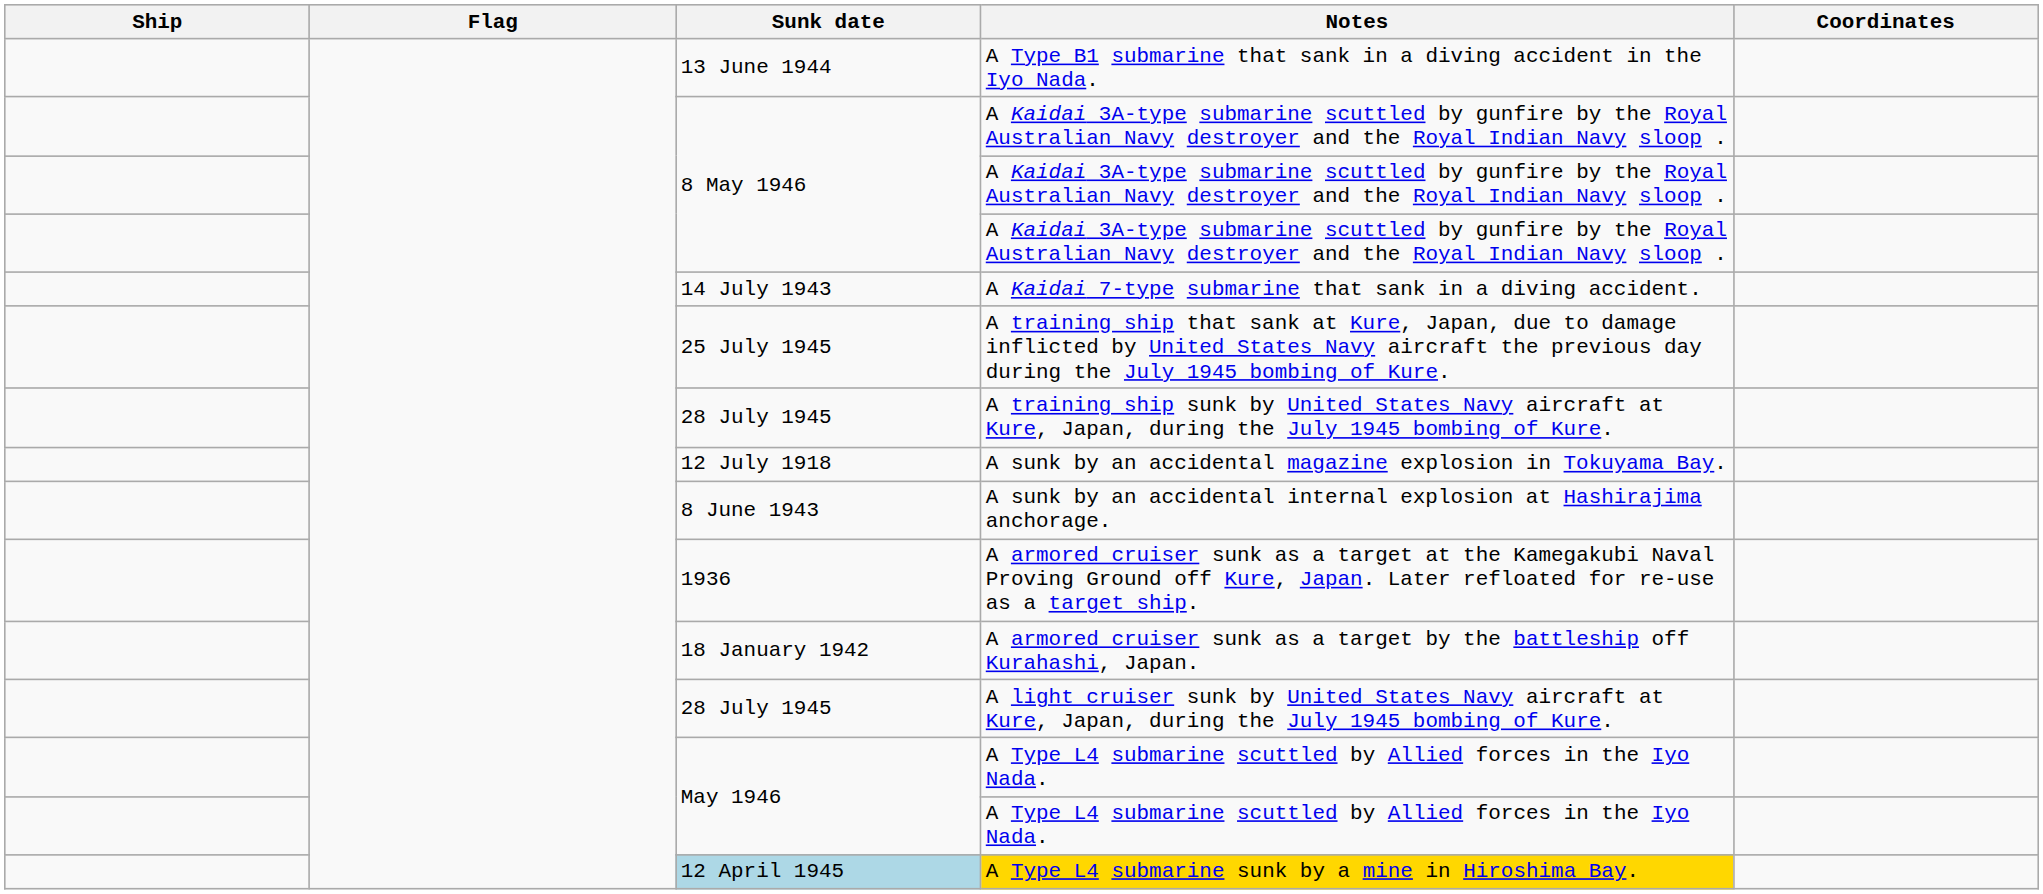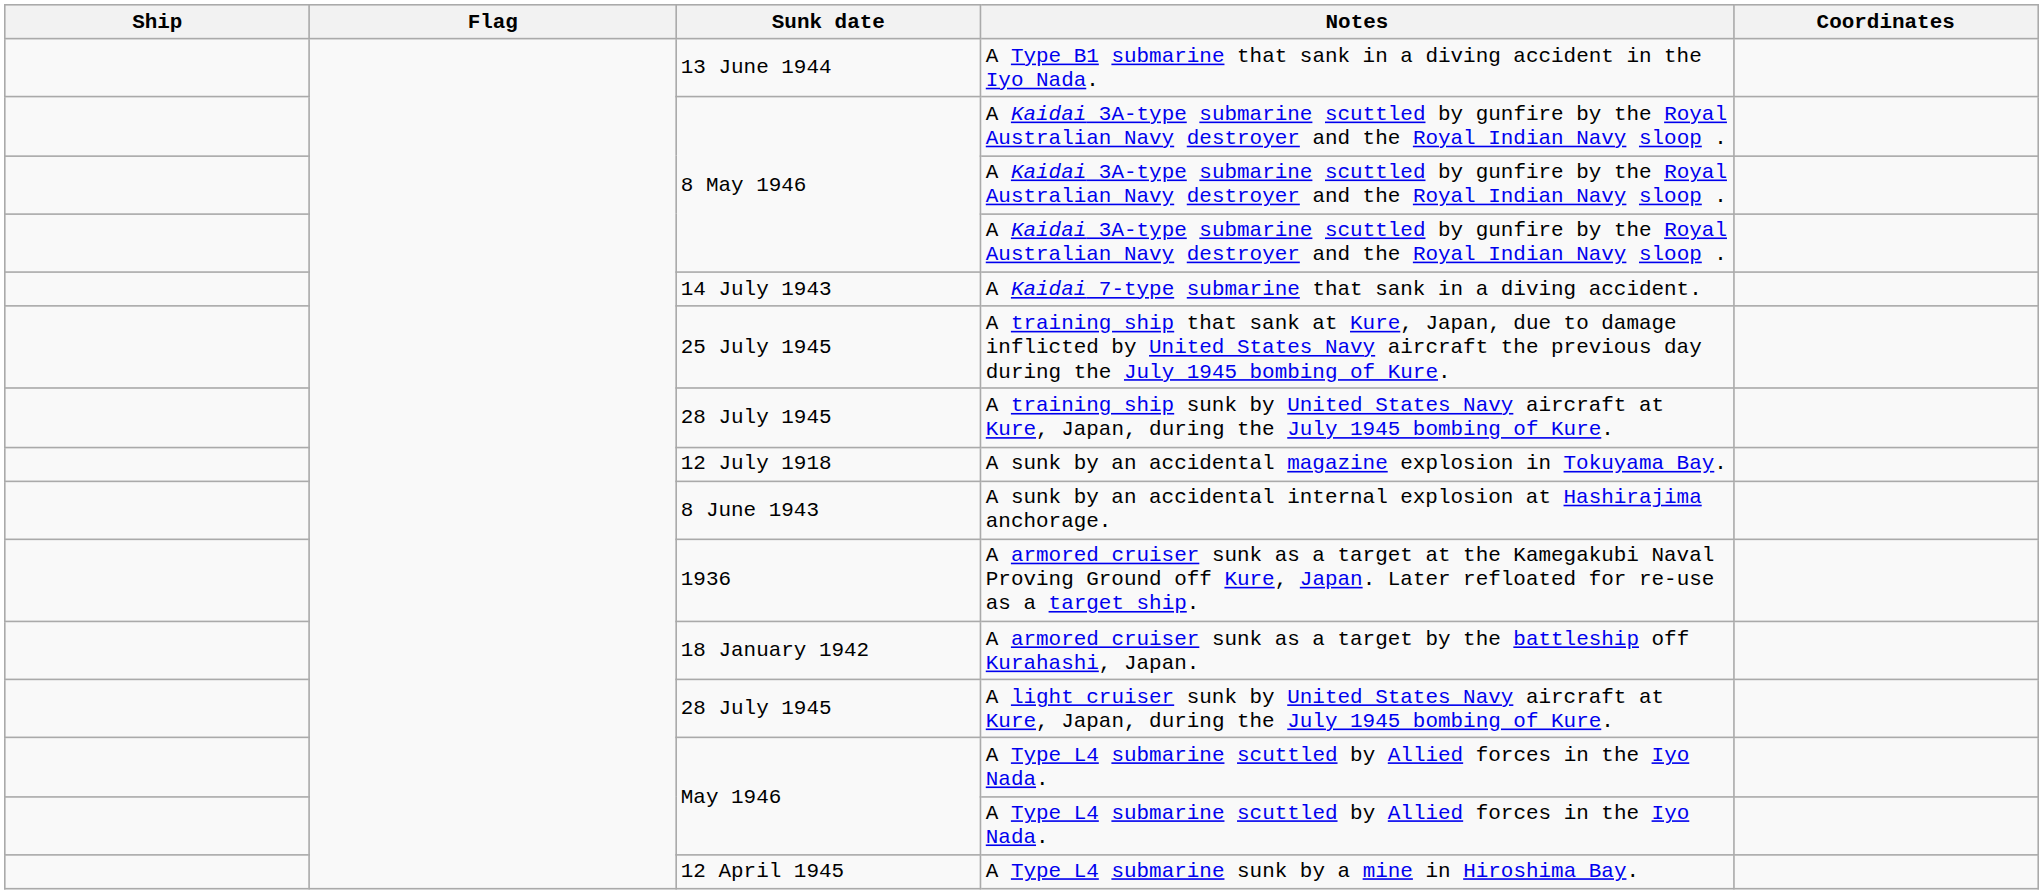 <table class="wikitable sortable" style="width:100%" |>
 <tr>
 <th width="15%">Ship</th>
 <th width="18%">Flag</th>
 <th width="15%" align="right">Sunk date</th>
 <th width="37%">Notes</th>
 <th width="15%">Coordinates</th>
 </tr>
 <tr>
 <td scope="row" data-sort-value="I-33"></td>
 <td rowspan="15"></td>
 <td>13 June 1944</td>
 <td>A <a href='#'>Type B1</a> <a href='#'>submarine</a> that sank in a diving accident in the <a href='#'>Iyo Nada</a>.</td>
 <td></td>
 </tr>
 <tr>
 <td scope="row" data-sort-value="I-153"></td>
 <td rowspan="3">8 May 1946</td>
 <td>A <a href='#'><em>Kaidai</em> 3A-type</a> <a href='#'>submarine</a> <a href='#'>scuttled</a> by gunfire by the <a href='#'>Royal Australian Navy</a> <a href='#'>destroyer</a>  and the <a href='#'>Royal Indian Navy</a> <a href='#'>sloop</a> .</td>
 <td></td>
 </tr>
 <tr>
 <td scope="row" data-sort-value="I-154"></td>
 <td>A <a href='#'><em>Kaidai</em> 3A-type</a> <a href='#'>submarine</a> <a href='#'>scuttled</a> by gunfire by the <a href='#'>Royal Australian Navy</a> <a href='#'>destroyer</a>  and the <a href='#'>Royal Indian Navy</a> <a href='#'>sloop</a> .</td>
 <td></td>
 </tr>
 <tr>
 <td scope="row" data-sort-value="I-155"></td>
 <td>A <a href='#'><em>Kaidai</em> 3A-type</a> <a href='#'>submarine</a> <a href='#'>scuttled</a> by gunfire by the <a href='#'>Royal Australian Navy</a> <a href='#'>destroyer</a>  and the <a href='#'>Royal Indian Navy</a> <a href='#'>sloop</a> .</td>
 <td></td>
 </tr>
 <tr>
 <td scope="row" data-sort-value="I-179"></td>
 <td>14 July 1943</td>
 <td>A <a href='#'><em>Kaidai</em> 7-type</a> <a href='#'>submarine</a> that sank in a diving accident.</td>
 <td></td>
 </tr>
 <tr>
 <td scope="row" data-sort-value="Iwate"></td>
 <td>25 July 1945</td>
 <td>A <a href='#'>training ship</a> that sank at <a href='#'>Kure</a>, Japan, due to damage inflicted by <a href='#'>United States Navy</a> aircraft the  previous day during the <a href='#'>July 1945 bombing of Kure</a>.</td>
 <td></td>
 </tr>
 <tr>
 <td scope="row" data-sort-value="Izumo"></td>
 <td>28 July 1945</td>
 <td>A <a href='#'>training ship</a> sunk by <a href='#'>United States Navy</a> aircraft at <a href='#'>Kure</a>, Japan, during the <a href='#'>July 1945 bombing of Kure</a>.</td>
 <td></td>
 </tr>
 <tr>
 <td scope="row" data-sort-value="Kawachi"></td>
 <td>12 July 1918</td>
 <td>A  sunk by an accidental <a href='#'>magazine</a> explosion in <a href='#'>Tokuyama Bay</a>.</td>
 <td></td>
 </tr>
 <tr>
 <td scope="row" data-sort-value="Mutsu"></td>
 <td>8 June 1943</td>
 <td>A  sunk by an accidental internal explosion at <a href='#'>Hashirajima</a> anchorage.</td>
 <td></td>
 </tr>
 <tr>
 <td scope="row" data-sort-value="Nisshin"></td>
 <td>1936</td>
 <td>A  <a href='#'>armored cruiser</a> sunk as a target at the Kamegakubi Naval Proving Ground off <a href='#'>Kure</a>, <a href='#'>Japan</a>. Later refloated for re-use as a <a href='#'>target ship</a>.</td>
 <td></td>
 </tr>
 <tr>
 <td scope="row" data-sort-value="Nisshin"></td>
 <td>18 January 1942</td>
 <td>A  <a href='#'>armored cruiser</a> sunk as a target by the <a href='#'>battleship</a>  off <a href='#'>Kurahashi</a>, Japan.</td>
 <td></td>
 </tr>
 <tr>
 <td scope="row" data-sort-value="Ōyodo"></td>
 <td>28 July 1945</td>
 <td>A <a href='#'>light cruiser</a> sunk by <a href='#'>United States Navy</a> aircraft at <a href='#'>Kure</a>, Japan, during the <a href='#'>July 1945 bombing of Kure</a>.</td>
 <td></td>
 </tr>
 <tr>
 <td scope="row" data-sort-value="Ro-62"></td>
 <td rowspan="2">May 1946</td>
 <td>A <a href='#'>Type L4</a> <a href='#'>submarine</a> <a href='#'>scuttled</a> by <a href='#'>Allied</a> forces in the <a href='#'>Iyo Nada</a>.</td>
 <td></td>
 </tr>
 <tr>
 <td scope="row" data-sort-value="Ro-63"></td>
 <td>A <a href='#'>Type L4</a> <a href='#'>submarine</a> <a href='#'>scuttled</a> by <a href='#'>Allied</a> forces in the <a href='#'>Iyo Nada</a>.</td>
 <td></td>
 </tr>
 <tr>
 <td scope="row" data-sort-value="Ro-64"></td>
-<td style="background: lightblue;">12 April 1945</td>
-<td style="background: gold;">A <a href='#'>Type L4</a> <a href='#'>submarine</a> sunk by a <a href='#'>mine</a> in <a href='#'>Hiroshima Bay</a>.</td>
+<td>12 April 1945</td>
+<td>A <a href='#'>Type L4</a> <a href='#'>submarine</a> sunk by a <a href='#'>mine</a> in <a href='#'>Hiroshima Bay</a>.</td>
 <td></td>
 </tr>
 </table>
